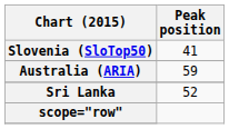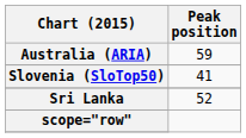 <table class="wikitable sortable plainrowheaders" style="text-align:center;">
 <tr>
 <th scope="col">Chart (2015)</th>
 <th scope="col">Peak<br>position</th>
 </tr>
 <tr>
-<th scope="row">Slovenia (<a href='#'>SloTop50</a>)</th>
-<td align=center>41</td>
+<th scope="row">Australia (<a href='#'>ARIA</a>)</th>
+<td>59</td>
 </tr>
 <tr>
 </tr>
 <tr>
 </tr>
 <tr>
 </tr>
 <tr>
 </tr>
 <tr>
 </tr>
 <tr>
 </tr>
 <tr>
 </tr>
 <tr>
 </tr>
 <tr>
 </tr>
 <tr>
 </tr>
 <tr>
 </tr>
 <tr>
 </tr>
 <tr>
 </tr>
 <tr>
 </tr>
 <tr>
-<th scope="row">Australia (<a href='#'>ARIA</a>)</th>
-<td>59</td>
+<th scope="row">Slovenia (<a href='#'>SloTop50</a>)</th>
+<td align=center>41</td>
 </tr>
 <tr>
 </tr>
 <tr>
 <th scope="row">Sri Lanka</th>
 <td align=center>52</td>
 </tr>
 <tr>
 </tr>
 <tr>
 </tr>
 <tr>
 </tr>
 <tr>
 </tr>
 <tr>
 </tr>
 <tr>
 <th>scope="row"</th>
 </tr>
 <tr>
 </tr>
 <tr>
 </tr>
 <tr>
 </tr>
 <tr>
 </tr>
 </table>
